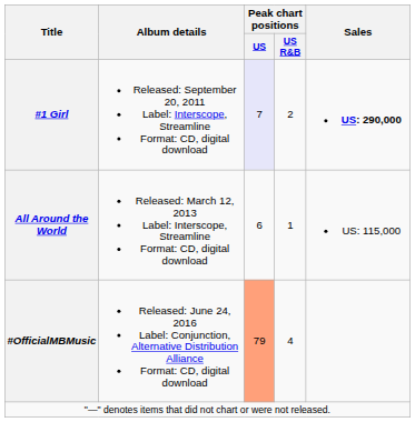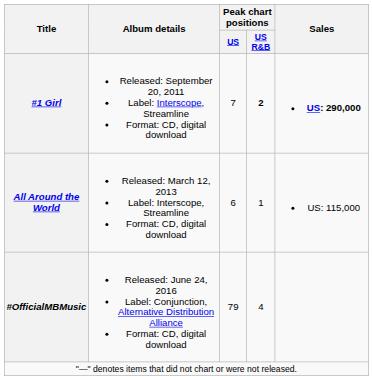 <table class="wikitable plainrowheaders" style="text-align:center;">
 <tr>
 <th scope="col" rowspan="2" style="width:5em;">Title</th>
 <th scope="col" rowspan="2" style="width:16em;">Album details</th>
 <th scope="col" colspan="2">Peak chart positions</th>
 <th scope="col" rowspan="2" style="width:11em;">Sales</th>
 </tr>
 <tr>
 <th scope="col" style="width:3em;font-size:90%;"><a href='#'>US</a><br></th>
 <th scope="col" style="width:3em;font-size:90%;"><a href='#'>US R&B</a></th>
 </tr>
 <tr>
 <th scope="row"><em><a href='#'>#1 Girl</a></em></th>
 <td><br><ul><li>Released: September 20, 2011</li><li>Label: <a href='#'>Interscope</a>, Streamline</li><li>Format: CD, digital download</li></ul></td>
-<td style="background: lavender;">7</td>
-<td>2</td>
+<td>7</td>
+<td><strong>2</strong></td>
 <td><strong><br><ul><li><a href='#'>US</a>: 290,000</li></ul></strong></td>
 </tr>
 <tr>
 <th scope="row"><em><a href='#'>All Around the World</a></em></th>
 <td><br><ul><li>Released: March 12, 2013</li><li>Label: Interscope, Streamline</li><li>Format: CD, digital download</li></ul></td>
 <td>6</td>
 <td>1</td>
 <td><br><ul><li>US: 115,000</li></ul></td>
 </tr>
 <tr>
 <th scope="row"><em>#OfficialMBMusic</em></th>
 <td><br><ul><li>Released: June 24, 2016</li><li>Label: Conjunction, <a href='#'>Alternative Distribution Alliance</a></li><li>Format: CD, digital download</li></ul></td>
-<td style="background: lightsalmon;">79</td>
+<td>79</td>
 <td>4</td>
 <td></td>
 </tr>
 <tr>
 <td colspan="14" style="font-size:90%">"—" denotes items that did not chart or were not released.</td>
 </tr>
 </table>
